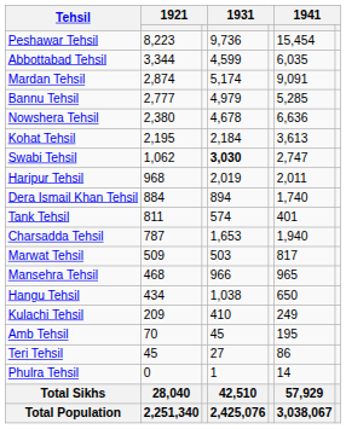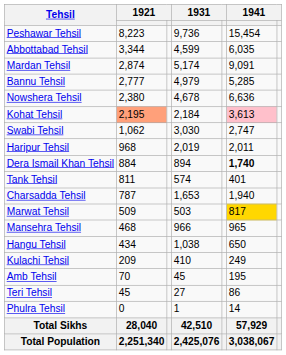 <table class="wikitable sortable">
 <tr>
 <th rowspan="2"><a href='#'>Tehsil</a></th>
 <th colspan="2">1921</th>
 <th colspan="2">1931</th>
 <th colspan="2">1941</th>
 </tr>
 <tr>
 <th><a href='#'></a></th>
 <th></th>
 <th></th>
 <th></th>
 <th></th>
 <th></th>
 </tr>
 <tr>
 <td><a href='#'>Peshawar Tehsil</a></td>
 <td>8,223</td>
 <td></td>
 <td>9,736</td>
 <td></td>
 <td>15,454</td>
 <td></td>
 </tr>
 <tr>
 <td><a href='#'>Abbottabad Tehsil</a></td>
 <td>3,344</td>
 <td></td>
 <td>4,599</td>
 <td></td>
 <td>6,035</td>
 <td></td>
 </tr>
 <tr>
 <td><a href='#'>Mardan Tehsil</a></td>
 <td>2,874</td>
 <td></td>
 <td>5,174</td>
 <td></td>
 <td>9,091</td>
 <td></td>
 </tr>
 <tr>
 <td><a href='#'>Bannu Tehsil</a></td>
 <td>2,777</td>
 <td></td>
 <td>4,979</td>
 <td></td>
 <td>5,285</td>
 <td></td>
 </tr>
 <tr>
 <td><a href='#'>Nowshera Tehsil</a></td>
 <td>2,380</td>
 <td></td>
 <td>4,678</td>
 <td></td>
 <td>6,636</td>
 <td></td>
 </tr>
 <tr>
 <td><a href='#'>Kohat Tehsil</a></td>
-<td>2,195</td>
+<td style="background: lightsalmon;">2,195</td>
 <td></td>
 <td>2,184</td>
 <td></td>
-<td>3,613</td>
+<td style="background: pink;">3,613</td>
 <td></td>
 </tr>
 <tr>
 <td><a href='#'>Swabi Tehsil</a></td>
 <td>1,062</td>
 <td></td>
-<td><strong>3,030</strong></td>
+<td>3,030</td>
 <td></td>
 <td>2,747</td>
 <td></td>
 </tr>
 <tr>
 <td><a href='#'>Haripur Tehsil</a></td>
 <td>968</td>
 <td></td>
 <td>2,019</td>
 <td></td>
 <td>2,011</td>
 <td></td>
 </tr>
 <tr>
 <td><a href='#'>Dera Ismail Khan Tehsil</a></td>
 <td>884</td>
 <td></td>
 <td>894</td>
 <td></td>
-<td>1,740</td>
+<td><strong>1,740</strong></td>
 <td></td>
 </tr>
 <tr>
 <td><a href='#'>Tank Tehsil</a></td>
 <td>811</td>
 <td></td>
 <td>574</td>
 <td></td>
 <td>401</td>
 <td></td>
 </tr>
 <tr>
 <td><a href='#'>Charsadda Tehsil</a></td>
 <td>787</td>
 <td></td>
 <td>1,653</td>
 <td></td>
 <td>1,940</td>
 <td></td>
 </tr>
 <tr>
 <td><a href='#'>Marwat Tehsil</a></td>
 <td>509</td>
 <td></td>
 <td>503</td>
 <td></td>
-<td>817</td>
+<td style="background: gold;">817</td>
 <td></td>
 </tr>
 <tr>
 <td><a href='#'>Mansehra Tehsil</a></td>
 <td>468</td>
 <td></td>
 <td>966</td>
 <td></td>
 <td>965</td>
 <td></td>
 </tr>
 <tr>
 <td><a href='#'>Hangu Tehsil</a></td>
 <td>434</td>
 <td></td>
 <td>1,038</td>
 <td></td>
 <td>650</td>
 <td></td>
 </tr>
 <tr>
 <td><a href='#'>Kulachi Tehsil</a></td>
 <td>209</td>
 <td></td>
 <td>410</td>
 <td></td>
 <td>249</td>
 <td></td>
 </tr>
 <tr>
 <td><a href='#'>Amb Tehsil</a></td>
 <td>70</td>
 <td></td>
 <td>45</td>
 <td></td>
 <td>195</td>
 <td></td>
 </tr>
 <tr>
 <td><a href='#'>Teri Tehsil</a></td>
 <td>45</td>
 <td></td>
 <td>27</td>
 <td></td>
 <td>86</td>
 <td></td>
 </tr>
 <tr>
 <td><a href='#'>Phulra Tehsil</a></td>
 <td>0</td>
 <td></td>
 <td>1</td>
 <td></td>
 <td>14</td>
 <td></td>
 </tr>
 <tr>
 <th>Total Sikhs</th>
 <th>28,040</th>
 <th></th>
 <th>42,510</th>
 <th></th>
 <th>57,929</th>
 <th></th>
 </tr>
 <tr>
 <th>Total Population</th>
 <th>2,251,340</th>
 <th></th>
 <th>2,425,076</th>
 <th></th>
 <th>3,038,067</th>
 <th></th>
 </tr>
 </table>
